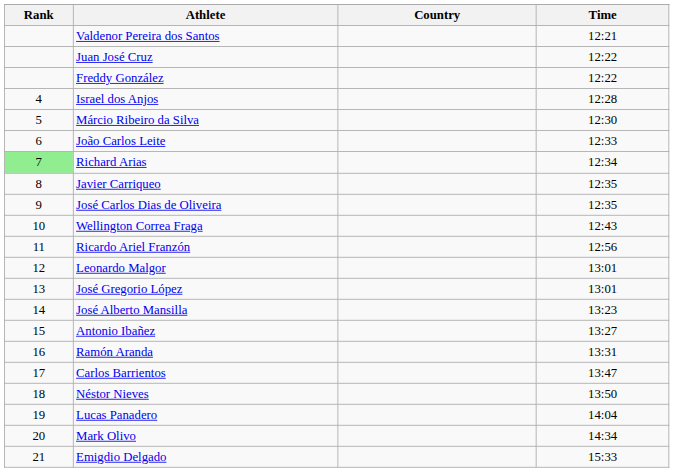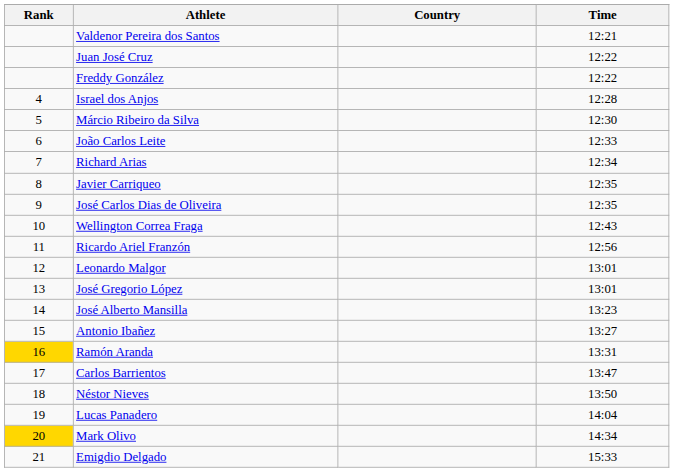 <table class="wikitable sortable" style=" text-align:center; font-size:95%;" width="50%">
 <tr>
 </tr>
 <tr>
 <th width=5%>Rank</th>
 <th width=20%>Athlete</th>
 <th width=15%>Country</th>
 <th width=10%>Time</th>
 </tr>
 <tr>
 <td align=center></td>
 <td align=left><a href='#'>Valdenor Pereira dos Santos</a></td>
 <td align=left></td>
 <td>12:21</td>
 </tr>
 <tr>
 <td align=center></td>
 <td align=left><a href='#'>Juan José Cruz</a></td>
 <td align=left></td>
 <td>12:22</td>
 </tr>
 <tr>
 <td align=center></td>
 <td align=left><a href='#'>Freddy González</a></td>
 <td align=left></td>
 <td>12:22</td>
 </tr>
 <tr>
 <td align=center>4</td>
 <td align=left><a href='#'>Israel dos Anjos</a></td>
 <td align=left></td>
 <td>12:28</td>
 </tr>
 <tr>
 <td align=center>5</td>
 <td align=left><a href='#'>Márcio Ribeiro da Silva</a></td>
 <td align=left></td>
 <td>12:30</td>
 </tr>
 <tr>
 <td align=center>6</td>
 <td align=left><a href='#'>João Carlos Leite</a></td>
 <td align=left></td>
 <td>12:33</td>
 </tr>
 <tr>
-<td align=center style="background: lightgreen;">7</td>
+<td align=center>7</td>
 <td align=left><a href='#'>Richard Arias</a></td>
 <td align=left></td>
 <td>12:34</td>
 </tr>
 <tr>
 <td align=center>8</td>
 <td align=left><a href='#'>Javier Carriqueo</a></td>
 <td align=left></td>
 <td>12:35</td>
 </tr>
 <tr>
 <td align=center>9</td>
 <td align=left><a href='#'>José Carlos Dias de Oliveira</a></td>
 <td align=left></td>
 <td>12:35</td>
 </tr>
 <tr>
 <td align=center>10</td>
 <td align=left><a href='#'>Wellington Correa Fraga</a></td>
 <td align=left></td>
 <td>12:43</td>
 </tr>
 <tr>
 <td align=center>11</td>
 <td align=left><a href='#'>Ricardo Ariel Franzón</a></td>
 <td align=left></td>
 <td>12:56</td>
 </tr>
 <tr>
 <td align=center>12</td>
 <td align=left><a href='#'>Leonardo Malgor</a></td>
 <td align=left></td>
 <td>13:01</td>
 </tr>
 <tr>
 <td align=center>13</td>
 <td align=left><a href='#'>José Gregorio López</a></td>
 <td align=left></td>
 <td>13:01</td>
 </tr>
 <tr>
 <td align=center>14</td>
 <td align=left><a href='#'>José Alberto Mansilla</a></td>
 <td align=left></td>
 <td>13:23</td>
 </tr>
 <tr>
 <td align=center>15</td>
 <td align=left><a href='#'>Antonio Ibañez</a></td>
 <td align=left></td>
 <td>13:27</td>
 </tr>
 <tr>
-<td align=center>16</td>
+<td align=center style="background: gold;">16</td>
 <td align=left><a href='#'>Ramón Aranda</a></td>
 <td align=left></td>
 <td>13:31</td>
 </tr>
 <tr>
 <td align=center>17</td>
 <td align=left><a href='#'>Carlos Barrientos</a></td>
 <td align=left></td>
 <td>13:47</td>
 </tr>
 <tr>
 <td align=center>18</td>
 <td align=left><a href='#'>Néstor Nieves</a></td>
 <td align=left></td>
 <td>13:50</td>
 </tr>
 <tr>
 <td align=center>19</td>
 <td align=left><a href='#'>Lucas Panadero</a></td>
 <td align=left></td>
 <td>14:04</td>
 </tr>
 <tr>
-<td align=center>20</td>
+<td align=center style="background: gold;">20</td>
 <td align=left><a href='#'>Mark Olivo</a></td>
 <td align=left></td>
 <td>14:34</td>
 </tr>
 <tr>
 <td align=center>21</td>
 <td align=left><a href='#'>Emigdio Delgado</a></td>
 <td align=left></td>
 <td>15:33</td>
 </tr>
 </table>
